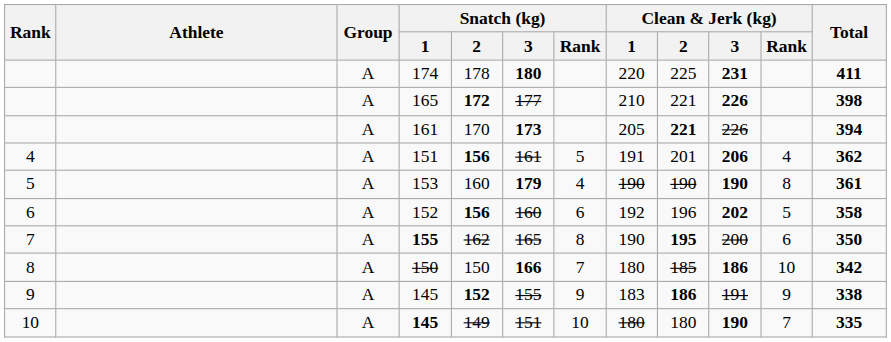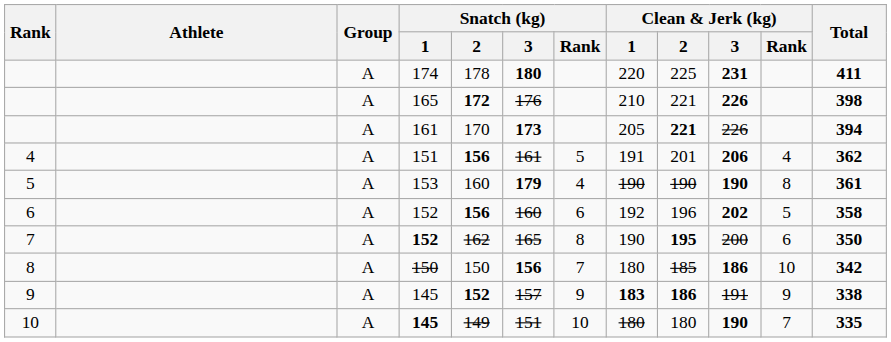 <table class = "wikitable" style="text-align:center;">
 <tr>
 <th rowspan=2 width=40>Rank</th>
 <th rowspan=2 width=250>Athlete</th>
 <th rowspan=2 width=50>Group</th>
 <th colspan=4>Snatch (kg)</th>
 <th colspan=4>Clean & Jerk (kg)</th>
 <th rowspan=2 width=60>Total</th>
 </tr>
 <tr>
 <th width=40>1</th>
 <th width=40>2</th>
 <th width=40>3</th>
 <th width=40>Rank</th>
 <th width=40>1</th>
 <th width=40>2</th>
 <th width=40>3</th>
 <th width=40>Rank</th>
 </tr>
 <tr>
 <td></td>
 <td align=left></td>
 <td>A</td>
 <td>174</td>
 <td>178</td>
 <td><strong>180</strong></td>
 <td></td>
 <td>220</td>
 <td>225</td>
 <td><strong>231</strong></td>
 <td></td>
 <td><strong>411</strong></td>
 </tr>
 <tr>
 <td></td>
 <td align=left></td>
 <td>A</td>
 <td>165</td>
 <td><strong>172</strong></td>
-<td><s>177</s></td>
+<td><s>176</s></td>
 <td></td>
 <td>210</td>
 <td>221</td>
 <td><strong>226</strong></td>
 <td></td>
 <td><strong>398</strong></td>
 </tr>
 <tr>
 <td></td>
 <td align=left></td>
 <td>A</td>
 <td>161</td>
 <td>170</td>
 <td><strong>173</strong></td>
 <td></td>
 <td>205</td>
 <td><strong>221</strong></td>
 <td><s>226</s></td>
 <td></td>
 <td><strong>394</strong></td>
 </tr>
 <tr>
 <td>4</td>
 <td align=left></td>
 <td>A</td>
 <td>151</td>
 <td><strong>156</strong></td>
 <td><s>161</s></td>
 <td>5</td>
 <td>191</td>
 <td>201</td>
 <td><strong>206</strong></td>
 <td>4</td>
 <td><strong>362</strong></td>
 </tr>
 <tr>
 <td>5</td>
 <td align=left></td>
 <td>A</td>
 <td>153</td>
 <td>160</td>
 <td><strong>179</strong></td>
 <td>4</td>
 <td><s>190</s></td>
 <td><s>190</s></td>
 <td><strong>190</strong></td>
 <td>8</td>
 <td><strong>361</strong></td>
 </tr>
 <tr>
 <td>6</td>
 <td align=left></td>
 <td>A</td>
 <td>152</td>
 <td><strong>156</strong></td>
 <td><s>160</s></td>
 <td>6</td>
 <td>192</td>
 <td>196</td>
 <td><strong>202</strong></td>
 <td>5</td>
 <td><strong>358</strong></td>
 </tr>
 <tr>
 <td>7</td>
 <td align=left></td>
 <td>A</td>
-<td><strong>155</strong></td>
+<td><strong>152</strong></td>
 <td><s>162</s></td>
 <td><s>165</s></td>
 <td>8</td>
 <td>190</td>
 <td><strong>195</strong></td>
 <td><s>200</s></td>
 <td>6</td>
 <td><strong>350</strong></td>
 </tr>
 <tr>
 <td>8</td>
 <td align=left></td>
 <td>A</td>
 <td><s>150</s></td>
 <td>150</td>
-<td><strong>166</strong></td>
+<td><strong>156</strong></td>
 <td>7</td>
 <td>180</td>
 <td><s>185</s></td>
 <td><strong>186</strong></td>
 <td>10</td>
 <td><strong>342</strong></td>
 </tr>
 <tr>
 <td>9</td>
 <td align=left></td>
 <td>A</td>
 <td>145</td>
 <td><strong>152</strong></td>
-<td><s>155</s></td>
+<td><s>157</s></td>
 <td>9</td>
-<td>183</td>
+<td><strong>183</strong></td>
 <td><strong>186</strong></td>
 <td><s>191</s></td>
 <td>9</td>
 <td><strong>338</strong></td>
 </tr>
 <tr>
 <td>10</td>
 <td align=left></td>
 <td>A</td>
 <td><strong>145</strong></td>
 <td><s>149</s></td>
 <td><s>151</s></td>
 <td>10</td>
 <td><s>180</s></td>
 <td>180</td>
 <td><strong>190</strong></td>
 <td>7</td>
 <td><strong>335</strong></td>
 </tr>
 </table>
